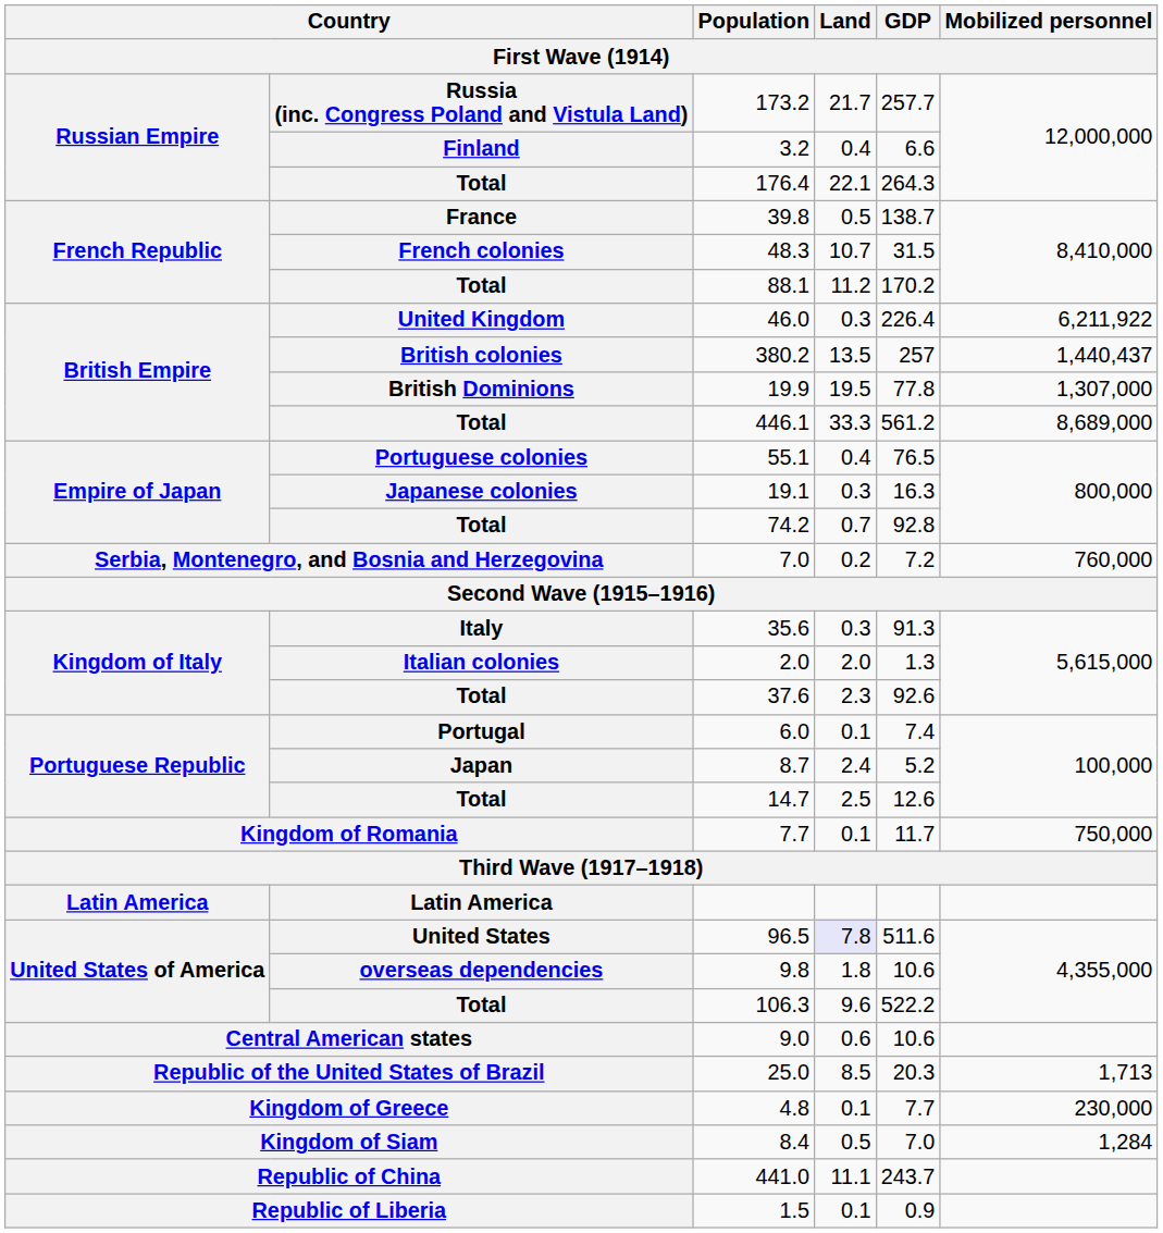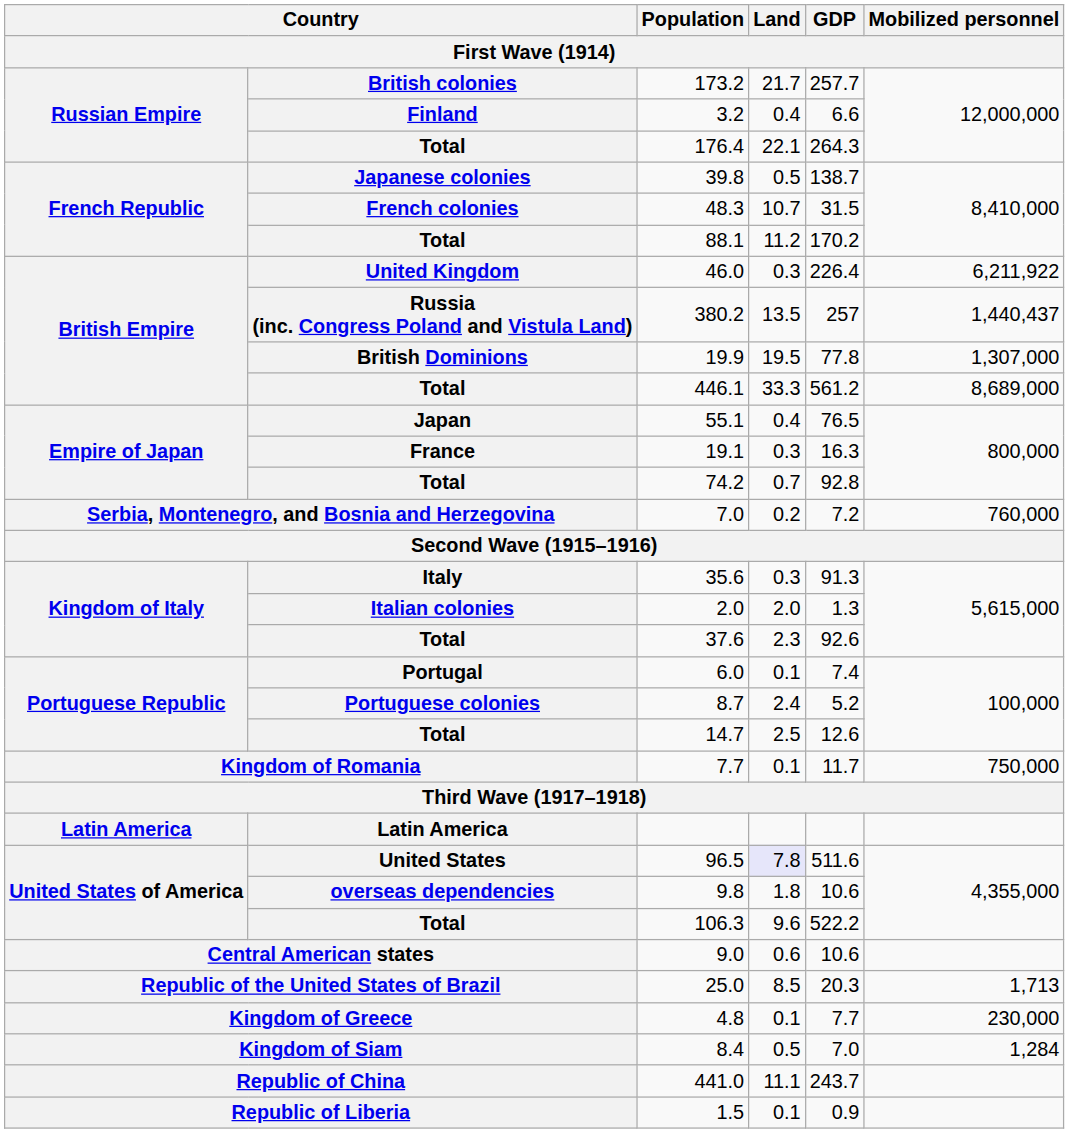 <table class="wikitable plainrowheaders" style="text-align: right;">
 <tr>
 <th scope="col" colspan=2>Country</th>
 <th scope="col">Population </th>
 <th scope="col">Land </th>
 <th scope="col">GDP </th>
 <th scope="col">Mobilized personnel</th>
 </tr>
 <tr>
 <th scope="col" colspan=6>First Wave (1914)</th>
 </tr>
 <tr>
 <th scope="row" rowspan=3><a href='#'>Russian Empire</a></th>
-<th scope="row">Russia<br>(inc. <a href='#'>Congress Poland</a> and  <a href='#'>Vistula Land</a>)</th>
+<th scope="row"><a href='#'>British colonies</a></th>
 <td>173.2</td>
 <td>21.7</td>
 <td>257.7</td>
 <td rowspan="3">12,000,000</td>
 </tr>
 <tr>
 <th scope="row"><a href='#'>Finland</a></th>
 <td>3.2</td>
 <td>0.4</td>
 <td>6.6</td>
 </tr>
 <tr>
 <th scope="row" style="font-weight: bold;">Total</th>
 <td>176.4</td>
 <td>22.1</td>
 <td>264.3</td>
 </tr>
 <tr>
 <th scope="row" rowspan=3><a href='#'>French Republic</a></th>
-<th scope="row">France</th>
+<th scope="row"><a href='#'>Japanese colonies</a></th>
 <td>39.8</td>
 <td>0.5</td>
 <td>138.7</td>
 <td rowspan="3">8,410,000</td>
 </tr>
 <tr>
 <th scope="row"><a href='#'>French colonies</a></th>
 <td>48.3</td>
 <td>10.7</td>
 <td>31.5</td>
 </tr>
 <tr>
 <th scope="row" style="font-weight: bold;">Total</th>
 <td>88.1</td>
 <td>11.2</td>
 <td>170.2</td>
 </tr>
 <tr>
 <th scope="row" rowspan=4><a href='#'>British Empire</a></th>
 <th scope="row"><a href='#'>United Kingdom</a></th>
 <td>46.0</td>
 <td>0.3</td>
 <td>226.4</td>
 <td>6,211,922</td>
 </tr>
 <tr>
-<th scope="row"><a href='#'>British colonies</a></th>
+<th scope="row">Russia<br>(inc. <a href='#'>Congress Poland</a> and  <a href='#'>Vistula Land</a>)</th>
 <td>380.2</td>
 <td>13.5</td>
 <td>257</td>
 <td>1,440,437</td>
 </tr>
 <tr>
 <th scope="row">British <a href='#'>Dominions</a></th>
 <td>19.9</td>
 <td>19.5</td>
 <td>77.8</td>
 <td>1,307,000</td>
 </tr>
 <tr>
 <th scope="row" style="font-weight: bold;">Total</th>
 <td>446.1</td>
 <td>33.3</td>
 <td>561.2</td>
 <td>8,689,000</td>
 </tr>
 <tr>
 <th scope="row" rowspan=3><a href='#'>Empire of Japan</a></th>
-<th scope="row"><a href='#'>Portuguese colonies</a></th>
+<th scope="row">Japan</th>
 <td>55.1</td>
 <td>0.4</td>
 <td>76.5</td>
 <td rowspan="3">800,000</td>
 </tr>
 <tr>
-<th scope="row"><a href='#'>Japanese colonies</a></th>
+<th scope="row">France</th>
 <td>19.1</td>
 <td>0.3</td>
 <td>16.3</td>
 </tr>
 <tr>
 <th scope="row" style="font-weight: bold;">Total</th>
 <td>74.2</td>
 <td>0.7</td>
 <td>92.8</td>
 </tr>
 <tr>
 <th scope="row" colspan=2><a href='#'>Serbia</a>, <a href='#'>Montenegro</a>, and <a href='#'>Bosnia and Herzegovina</a></th>
 <td>7.0</td>
 <td>0.2</td>
 <td>7.2</td>
 <td>760,000</td>
 </tr>
 <tr>
 <th scope="col" colspan=6>Second Wave (1915–1916)</th>
 </tr>
 <tr>
 <th scope="row" rowspan=3><a href='#'>Kingdom of Italy</a></th>
 <th scope="row">Italy</th>
 <td>35.6</td>
 <td>0.3</td>
 <td>91.3</td>
 <td rowspan="3">5,615,000</td>
 </tr>
 <tr>
 <th scope="row"><a href='#'>Italian colonies</a></th>
 <td>2.0</td>
 <td>2.0</td>
 <td>1.3</td>
 </tr>
 <tr>
 <th scope="row" style="font-weight: bold;">Total</th>
 <td>37.6</td>
 <td>2.3</td>
 <td>92.6</td>
 </tr>
 <tr>
 <th scope="row" rowspan=3><a href='#'>Portuguese Republic</a></th>
 <th scope="row">Portugal</th>
 <td>6.0</td>
 <td>0.1</td>
 <td>7.4</td>
 <td rowspan="3">100,000</td>
 </tr>
 <tr>
-<th scope="row">Japan</th>
+<th scope="row"><a href='#'>Portuguese colonies</a></th>
 <td>8.7</td>
 <td>2.4</td>
 <td>5.2</td>
 </tr>
 <tr>
 <th scope="row" style="font-weight: bold;">Total</th>
 <td>14.7</td>
 <td>2.5</td>
 <td>12.6</td>
 </tr>
 <tr>
 <th scope="row" colspan=2><a href='#'>Kingdom of Romania</a></th>
 <td>7.7</td>
 <td>0.1</td>
 <td>11.7</td>
 <td>750,000</td>
 </tr>
 <tr>
 <th scope="col" colspan=6>Third Wave (1917–1918)</th>
 </tr>
 <tr>
 <th scope="row" rowspan=1><a href='#'>Latin America</a></th>
 <th Scope="row" rowspan=1>Latin America</th>
 <td></td>
 <td></td>
 <td></td>
 <td></td>
 </tr>
 <tr>
 <th scope="row" rowspan=3><a href='#'>United States</a> of America</th>
 <th scope="row">United States</th>
 <td>96.5</td>
 <td style="background: lavender;">7.8</td>
 <td>511.6</td>
 <td rowspan="3">4,355,000</td>
 </tr>
 <tr>
 <th scope="row"><a href='#'>overseas dependencies</a></th>
 <td>9.8</td>
 <td>1.8</td>
 <td>10.6</td>
 </tr>
 <tr>
 <th scope="row" style="font-weight: bold;">Total</th>
 <td>106.3</td>
 <td>9.6</td>
 <td>522.2</td>
 </tr>
 <tr>
 <th scope="row" colspan=2><a href='#'>Central American</a> states</th>
 <td>9.0</td>
 <td>0.6</td>
 <td>10.6</td>
 <td></td>
 </tr>
 <tr>
 <th scope="row" colspan=2><a href='#'>Republic of the United States of Brazil</a></th>
 <td>25.0</td>
 <td>8.5</td>
 <td>20.3</td>
 <td>1,713</td>
 </tr>
 <tr>
 <th scope="row" colspan=2><a href='#'>Kingdom of Greece</a></th>
 <td>4.8</td>
 <td>0.1</td>
 <td>7.7</td>
 <td>230,000</td>
 </tr>
 <tr>
 <th scope="row" colspan=2><a href='#'>Kingdom of Siam</a></th>
 <td>8.4</td>
 <td>0.5</td>
 <td>7.0</td>
 <td>1,284</td>
 </tr>
 <tr>
 <th scope="row" colspan=2><a href='#'>Republic of China</a></th>
 <td>441.0</td>
 <td>11.1</td>
 <td>243.7</td>
 <td></td>
 </tr>
 <tr>
 <th scope="row" colspan=2><a href='#'>Republic of Liberia</a></th>
 <td>1.5</td>
 <td>0.1</td>
 <td>0.9</td>
 <td></td>
 </tr>
 </table>
